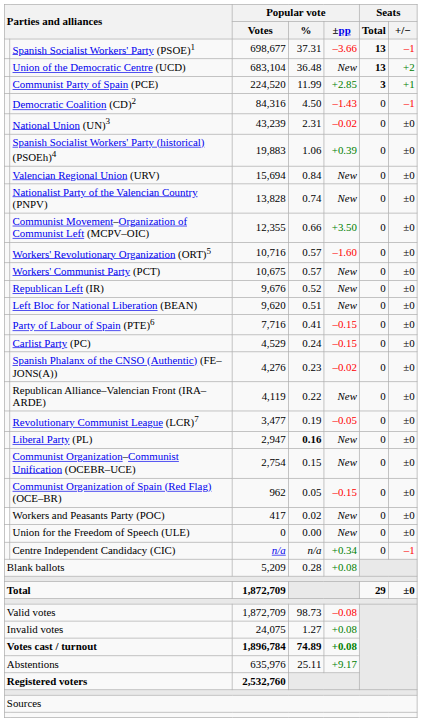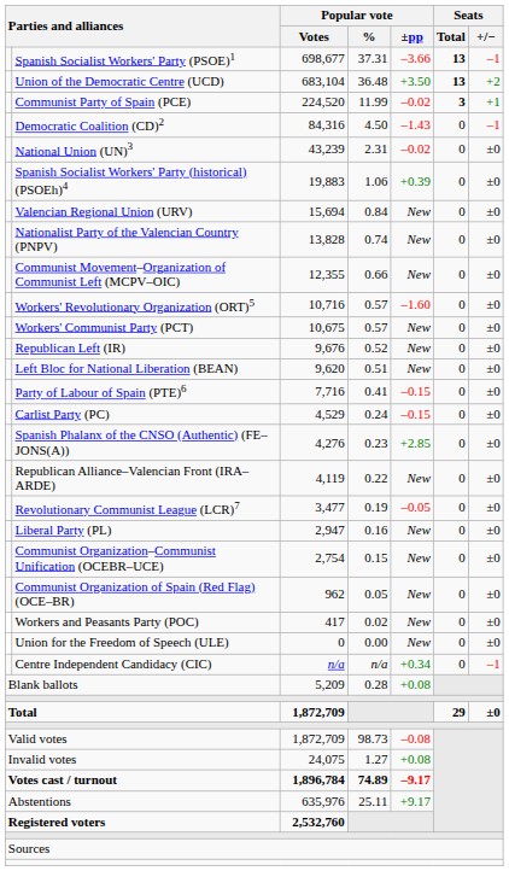 <table class="wikitable" style="text-align:right;">
 <tr>
 <th style="text-align:left;" rowspan="2" colspan="2" width="525">Parties and alliances</th>
 <th colspan="3">Popular vote</th>
 <th colspan="2">Seats</th>
 </tr>
 <tr>
 <th width="75">Votes</th>
 <th width="45">%</th>
 <th width="45">±<a href='#'>pp</a></th>
 <th width="35">Total</th>
 <th width="35">+/−</th>
 </tr>
 <tr>
 <td width="1" style="color:inherit;background:"></td>
 <td align="left"><a href='#'>Spanish Socialist Workers' Party</a> (PSOE)<sup>1</sup></td>
 <td>698,677</td>
 <td>37.31</td>
 <td style="color:red;">–3.66</td>
 <td><strong>13</strong></td>
 <td style="color:red;">–1</td>
 </tr>
 <tr>
 <td style="color:inherit;background:"></td>
 <td align="left"><a href='#'>Union of the Democratic Centre</a> (UCD)</td>
 <td>683,104</td>
 <td>36.48</td>
-<td><em>New</em></td>
+<td style="color:green;">+3.50</td>
 <td><strong>13</strong></td>
 <td style="color:green;">+2</td>
 </tr>
 <tr>
 <td style="color:inherit;background:"></td>
 <td align="left"><a href='#'>Communist Party of Spain</a> (PCE)</td>
 <td>224,520</td>
 <td>11.99</td>
-<td style="color:green;">+2.85</td>
+<td style="color:red;">–0.02</td>
 <td><strong>3</strong></td>
 <td style="color:green;">+1</td>
 </tr>
 <tr>
 <td style="color:inherit;background:"></td>
 <td align="left"><a href='#'>Democratic Coalition</a> (CD)<sup>2</sup></td>
 <td>84,316</td>
 <td>4.50</td>
 <td style="color:red;">–1.43</td>
 <td>0</td>
 <td style="color:red;">–1</td>
 </tr>
 <tr>
 <td style="color:inherit;background:"></td>
 <td align="left"><a href='#'>National Union</a> (UN)<sup>3</sup></td>
 <td>43,239</td>
 <td>2.31</td>
 <td style="color:red;">–0.02</td>
 <td>0</td>
 <td>±0</td>
 </tr>
 <tr>
 <td style="color:inherit;background:"></td>
 <td align="left"><a href='#'>Spanish Socialist Workers' Party (historical)</a> (PSOEh)<sup>4</sup></td>
 <td>19,883</td>
 <td>1.06</td>
 <td style="color:green;">+0.39</td>
 <td>0</td>
 <td>±0</td>
 </tr>
 <tr>
 <td style="color:inherit;background:"></td>
 <td align="left"><a href='#'>Valencian Regional Union</a> (URV)</td>
 <td>15,694</td>
 <td>0.84</td>
 <td><em>New</em></td>
 <td>0</td>
 <td>±0</td>
 </tr>
 <tr>
 <td style="color:inherit;background:"></td>
 <td align="left"><a href='#'>Nationalist Party of the Valencian Country</a> (PNPV)</td>
 <td>13,828</td>
 <td>0.74</td>
 <td><em>New</em></td>
 <td>0</td>
 <td>±0</td>
 </tr>
 <tr>
 <td style="color:inherit;background:"></td>
 <td align="left"><a href='#'>Communist Movement</a>–<a href='#'>Organization of Communist Left</a> (MCPV–OIC)</td>
 <td>12,355</td>
 <td>0.66</td>
-<td style="color:green;">+3.50</td>
+<td><em>New</em></td>
 <td>0</td>
 <td>±0</td>
 </tr>
 <tr>
 <td style="color:inherit;background:"></td>
 <td align="left"><a href='#'>Workers' Revolutionary Organization</a> (ORT)<sup>5</sup></td>
 <td>10,716</td>
 <td>0.57</td>
 <td style="color:red;">–1.60</td>
 <td>0</td>
 <td>±0</td>
 </tr>
 <tr>
 <td style="color:inherit;background:"></td>
 <td align="left"><a href='#'>Workers' Communist Party</a> (PCT)</td>
 <td>10,675</td>
 <td>0.57</td>
 <td><em>New</em></td>
 <td>0</td>
 <td>±0</td>
 </tr>
 <tr>
 <td style="color:inherit;background:"></td>
 <td align="left"><a href='#'>Republican Left</a> (IR)</td>
 <td>9,676</td>
 <td>0.52</td>
 <td><em>New</em></td>
 <td>0</td>
 <td>±0</td>
 </tr>
 <tr>
 <td style="color:inherit;background:"></td>
 <td align="left"><a href='#'>Left Bloc for National Liberation</a> (BEAN)</td>
 <td>9,620</td>
 <td>0.51</td>
 <td><em>New</em></td>
 <td>0</td>
 <td>±0</td>
 </tr>
 <tr>
 <td style="color:inherit;background:"></td>
 <td align="left"><a href='#'>Party of Labour of Spain</a> (PTE)<sup>6</sup></td>
 <td>7,716</td>
 <td>0.41</td>
 <td style="color:red;">–0.15</td>
 <td>0</td>
 <td>±0</td>
 </tr>
 <tr>
 <td style="color:inherit;background:"></td>
 <td align="left"><a href='#'>Carlist Party</a> (PC)</td>
 <td>4,529</td>
 <td>0.24</td>
 <td style="color:red;">–0.15</td>
 <td>0</td>
 <td>±0</td>
 </tr>
 <tr>
 <td style="color:inherit;background:"></td>
 <td align="left"><a href='#'>Spanish Phalanx of the CNSO (Authentic)</a> (FE–JONS(A))</td>
 <td>4,276</td>
 <td>0.23</td>
-<td style="color:red;">–0.02</td>
+<td style="color:green;">+2.85</td>
 <td>0</td>
 <td>±0</td>
 </tr>
 <tr>
 <td style="color:inherit;background:"></td>
 <td align="left">Republican Alliance–Valencian Front (IRA–ARDE)</td>
 <td>4,119</td>
 <td>0.22</td>
 <td><em>New</em></td>
 <td>0</td>
 <td>±0</td>
 </tr>
 <tr>
 <td style="color:inherit;background:"></td>
 <td align="left"><a href='#'>Revolutionary Communist League</a> (LCR)<sup>7</sup></td>
 <td>3,477</td>
 <td>0.19</td>
 <td style="color:red;">–0.05</td>
 <td>0</td>
 <td>±0</td>
 </tr>
 <tr>
 <td style="color:inherit;background:"></td>
 <td align="left"><a href='#'>Liberal Party</a> (PL)</td>
 <td>2,947</td>
-<td><strong>0.16</strong></td>
+<td>0.16</td>
 <td><em>New</em></td>
 <td>0</td>
 <td>±0</td>
 </tr>
 <tr>
 <td style="color:inherit;background:"></td>
 <td align="left"><a href='#'>Communist Organization</a>–<a href='#'>Communist Unification</a> (OCEBR–UCE)</td>
 <td>2,754</td>
 <td>0.15</td>
 <td><em>New</em></td>
 <td>0</td>
 <td>±0</td>
 </tr>
 <tr>
 <td style="color:inherit;background:"></td>
 <td align="left"><a href='#'>Communist Organization of Spain (Red Flag)</a> (OCE–BR)</td>
 <td>962</td>
 <td>0.05</td>
-<td style="color:red;">–0.15</td>
+<td><em>New</em></td>
 <td>0</td>
 <td>±0</td>
 </tr>
 <tr>
 <td bgcolor="white"></td>
 <td align="left">Workers and Peasants Party (POC)</td>
 <td>417</td>
 <td>0.02</td>
 <td><em>New</em></td>
 <td>0</td>
 <td>±0</td>
 </tr>
 <tr>
 <td bgcolor="white"></td>
 <td align="left">Union for the Freedom of Speech (ULE)</td>
 <td>0</td>
 <td>0.00</td>
 <td><em>New</em></td>
 <td>0</td>
 <td>±0</td>
 </tr>
 <tr>
 <td style="color:inherit;background:"></td>
 <td align="left">Centre Independent Candidacy (CIC)</td>
 <td><em><a href='#'>n/a</a></em></td>
 <td><em>n/a</em></td>
 <td style="color:green;">+0.34</td>
 <td>0</td>
 <td style="color:red;">–1</td>
 </tr>
 <tr>
 <td align="left" colspan="2">Blank ballots</td>
 <td>5,209</td>
 <td>0.28</td>
 <td style="color:green;">+0.08</td>
 <td bgcolor="#E9E9E9" colspan="2"></td>
 </tr>
 <tr>
 <td colspan="7" bgcolor="#E9E9E9"></td>
 </tr>
 <tr style="font-weight:bold;">
 <td align="left" colspan="2">Total</td>
 <td>1,872,709</td>
 <td bgcolor="#E9E9E9" colspan="2"></td>
 <td>29</td>
 <td>±0</td>
 </tr>
 <tr>
 <td colspan="7" bgcolor="#E9E9E9"></td>
 </tr>
 <tr>
 <td align="left" colspan="2">Valid votes</td>
 <td>1,872,709</td>
 <td>98.73</td>
 <td style="color:red;">–0.08</td>
 <td bgcolor="#E9E9E9" colspan="2" rowspan="5"></td>
 </tr>
 <tr>
 <td align="left" colspan="2">Invalid votes</td>
 <td>24,075</td>
 <td>1.27</td>
 <td style="color:green;">+0.08</td>
 </tr>
 <tr style="font-weight:bold;">
 <td align="left" colspan="2">Votes cast / turnout</td>
 <td>1,896,784</td>
 <td>74.89</td>
-<td style="color:green;">+0.08</td>
+<td style="color:red;">–9.17</td>
 </tr>
 <tr>
 <td align="left" colspan="2">Abstentions</td>
 <td>635,976</td>
 <td>25.11</td>
 <td style="color:green;">+9.17</td>
 </tr>
 <tr style="font-weight:bold;">
 <td align="left" colspan="2">Registered voters</td>
 <td>2,532,760</td>
 <td bgcolor="#E9E9E9" colspan="2"></td>
 </tr>
 <tr>
 <td colspan="7" bgcolor="#E9E9E9"></td>
 </tr>
 <tr>
 <td align="left" colspan="7">Sources</td>
 </tr>
 <tr>
 <td colspan="7" style="text-align:left; max-width:790px;"></td>
 </tr>
 </table>
